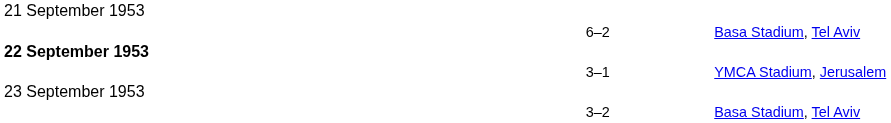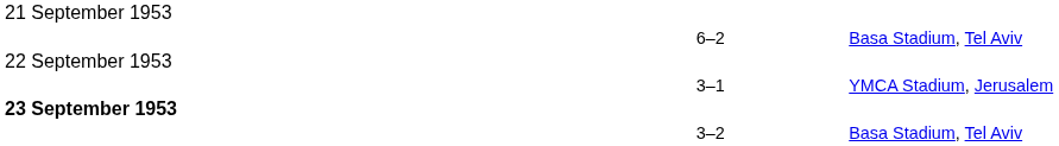 <table style="width:100%;" cellspacing="1">
 <tr>
 <th width=25%></th>
 <th width=10%></th>
 <th></th>
 </tr>
 <tr>
 <td>21 September 1953</td>
 </tr>
 <tr>
 </tr>
 <tr style=font-size:90%>
 <td align=right></td>
 <td align=center>6–2</td>
 <td></td>
 <td><a href='#'>Basa Stadium</a>, <a href='#'>Tel Aviv</a></td>
 </tr>
 <tr>
-<td><strong>22 September 1953</strong></td>
+<td>22 September 1953</td>
 </tr>
 <tr style=font-size:90%>
 <td align=right></td>
 <td align=center>3–1</td>
 <td></td>
 <td><a href='#'>YMCA Stadium</a>, <a href='#'>Jerusalem</a></td>
 </tr>
 <tr>
-<td>23 September 1953</td>
+<td><strong>23 September 1953</strong></td>
 </tr>
 <tr style=font-size:90%>
 <td align=right></td>
 <td align=center>3–2</td>
 <td></td>
 <td><a href='#'>Basa Stadium</a>, <a href='#'>Tel Aviv</a></td>
 </tr>
 </table>
